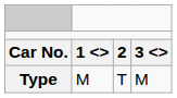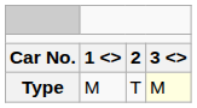 <table class="wikitable">
 <tr>
 <td style="background-color:#ccc;"> </td>
 <td colspan="3"></td>
 </tr>
 <tr style="line-height: 6.7px; background-color:#">
 <td colspan="4" style="padding:0; border:0;"> </td>
 </tr>
 <tr>
 <th>Car No.</th>
 <th>1 <></th>
 <th>2</th>
 <th>3 <></th>
 </tr>
 <tr>
 <th>Type</th>
 <td>M</td>
 <td>T</td>
-<td>M</td>
+<td style="background: lightyellow;">M</td>
 </tr>
 </table>
